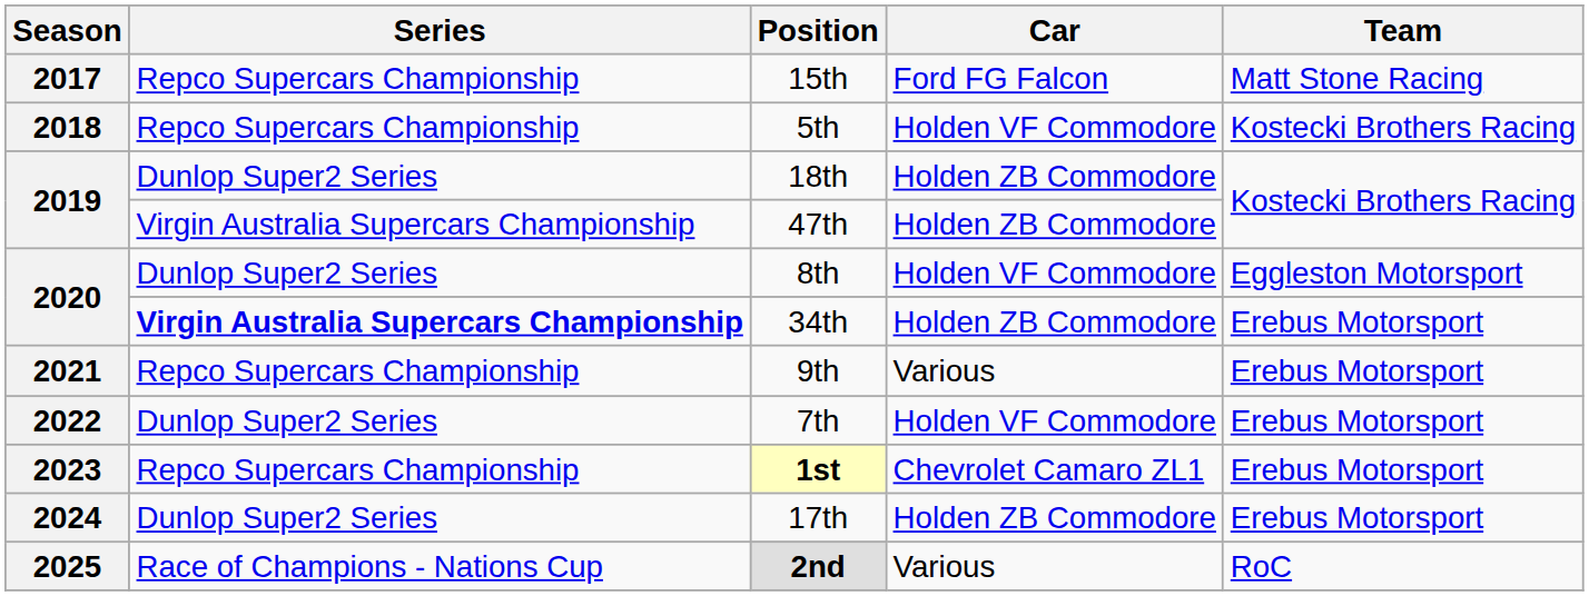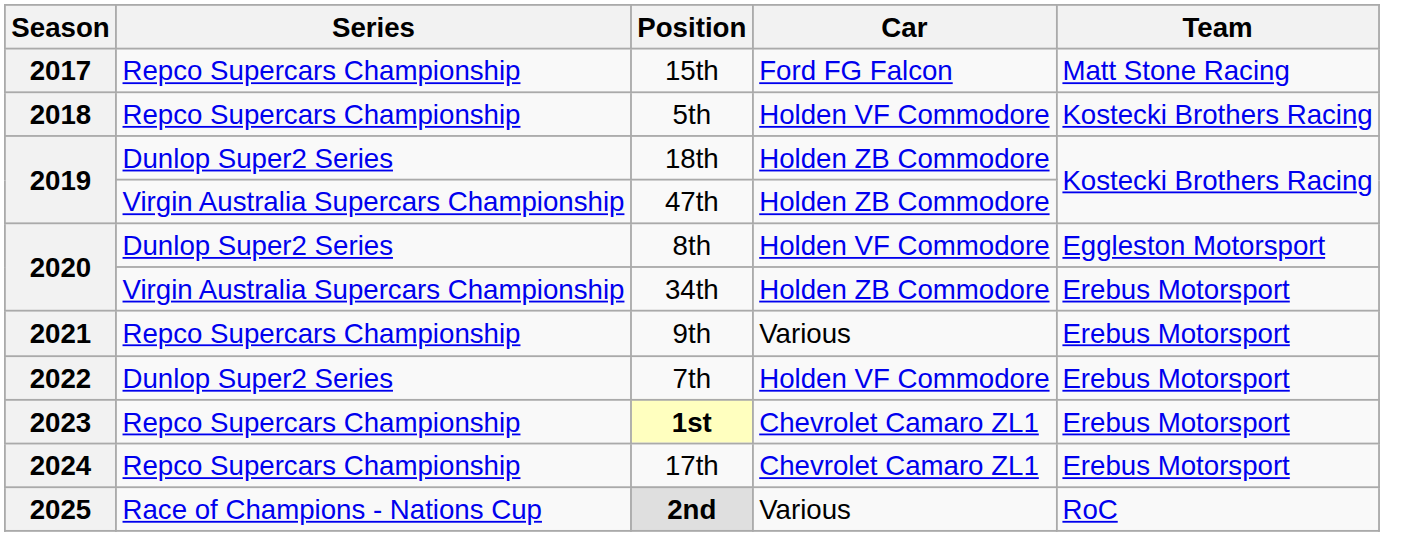 <table class="wikitable" style="font-size: 95%;">
 <tr>
 <th>Season</th>
 <th>Series</th>
 <th>Position</th>
 <th>Car</th>
 <th>Team</th>
 </tr>
 <tr>
 <th>2017</th>
 <td><a href='#'>Repco Supercars Championship</a></td>
 <td align=center>15th</td>
 <td><a href='#'>Ford FG Falcon</a></td>
 <td><a href='#'>Matt Stone Racing</a></td>
 </tr>
 <tr>
 <th>2018</th>
 <td><a href='#'>Repco Supercars Championship</a></td>
 <td align=center>5th</td>
 <td><a href='#'>Holden VF Commodore</a></td>
 <td><a href='#'>Kostecki Brothers Racing</a></td>
 </tr>
 <tr>
 <th rowspan=2>2019</th>
 <td><a href='#'>Dunlop Super2 Series</a></td>
 <td align=center>18th</td>
 <td><a href='#'>Holden ZB Commodore</a></td>
 <td rowspan=2><a href='#'>Kostecki Brothers Racing</a></td>
 </tr>
 <tr>
 <td><a href='#'>Virgin Australia Supercars Championship</a></td>
 <td align=center>47th</td>
 <td><a href='#'>Holden ZB Commodore</a></td>
 </tr>
 <tr>
 <th rowspan=2>2020</th>
 <td><a href='#'>Dunlop Super2 Series</a></td>
 <td align=center>8th</td>
 <td><a href='#'>Holden VF Commodore</a></td>
 <td><a href='#'>Eggleston Motorsport</a></td>
 </tr>
 <tr>
-<td><strong><a href='#'>Virgin Australia Supercars Championship</a></strong></td>
+<td><a href='#'>Virgin Australia Supercars Championship</a></td>
 <td align=center>34th</td>
 <td><a href='#'>Holden ZB Commodore</a></td>
 <td><a href='#'>Erebus Motorsport</a></td>
 </tr>
 <tr>
 <th>2021</th>
 <td><a href='#'>Repco Supercars Championship</a></td>
 <td align=center>9th</td>
 <td>Various</td>
 <td><a href='#'>Erebus Motorsport</a></td>
 </tr>
 <tr>
 <th>2022</th>
 <td><a href='#'>Dunlop Super2 Series</a></td>
 <td align=center>7th</td>
 <td><a href='#'>Holden VF Commodore</a></td>
 <td><a href='#'>Erebus Motorsport</a></td>
 </tr>
 <tr>
 <th>2023</th>
 <td><a href='#'>Repco Supercars Championship</a></td>
 <td align=center style="background:#ffffbf"><strong>1st</strong></td>
 <td><a href='#'>Chevrolet Camaro ZL1</a></td>
 <td><a href='#'>Erebus Motorsport</a></td>
 </tr>
 <tr>
 <th>2024</th>
-<td><a href='#'>Dunlop Super2 Series</a></td>
+<td><a href='#'>Repco Supercars Championship</a></td>
 <td align=center style="background:">17th</td>
-<td><a href='#'>Holden ZB Commodore</a></td>
+<td><a href='#'> Chevrolet Camaro ZL1</a></td>
 <td><a href='#'>Erebus Motorsport</a></td>
 </tr>
 <tr>
 <th>2025</th>
 <td><a href='#'>Race of Champions - Nations Cup</a></td>
 <td align="center" style="background:#dfdfdf;"><strong>2nd</strong></td>
 <td>Various</td>
 <td><a href='#'>RoC</a></td>
 </tr>
 </table>
